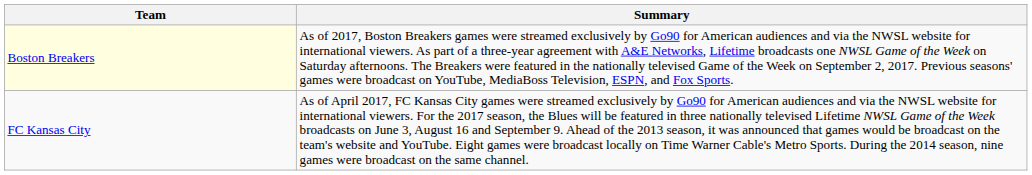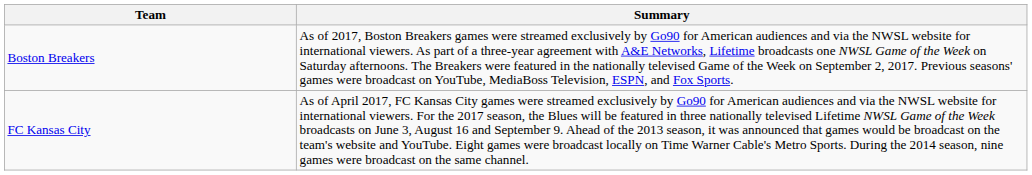 <table class="wikitable">
 <tr>
 <th width=10%>Team</th>
 <th width=25%>Summary</th>
 </tr>
 <tr>
-<td style="background: lightyellow;"><a href='#'>Boston Breakers</a></td>
+<td><a href='#'>Boston Breakers</a></td>
 <td>As of 2017, Boston Breakers games were streamed exclusively by <a href='#'>Go90</a> for American audiences and via the NWSL website for international viewers. As part of a three-year agreement with <a href='#'>A&E Networks</a>, <a href='#'>Lifetime</a> broadcasts one <em>NWSL Game of the Week</em> on Saturday afternoons. The Breakers were featured in the nationally televised Game of the Week on September 2, 2017. Previous seasons' games were broadcast on YouTube, MediaBoss Television, <a href='#'>ESPN</a>, and <a href='#'>Fox Sports</a>.</td>
 </tr>
 <tr>
 <td><a href='#'>FC Kansas City</a></td>
 <td>As of April 2017, FC Kansas City games were streamed exclusively by <a href='#'>Go90</a> for American audiences and via the NWSL website for international viewers. For the 2017 season, the Blues will be featured in three nationally televised Lifetime <em>NWSL Game of the Week</em> broadcasts on June 3, August 16 and September 9. Ahead of the 2013 season, it was announced that games would be broadcast on the team's website and YouTube. Eight games were broadcast locally on Time Warner Cable's Metro Sports. During the 2014 season, nine games were broadcast on the same channel.</td>
 </tr>
 </table>
